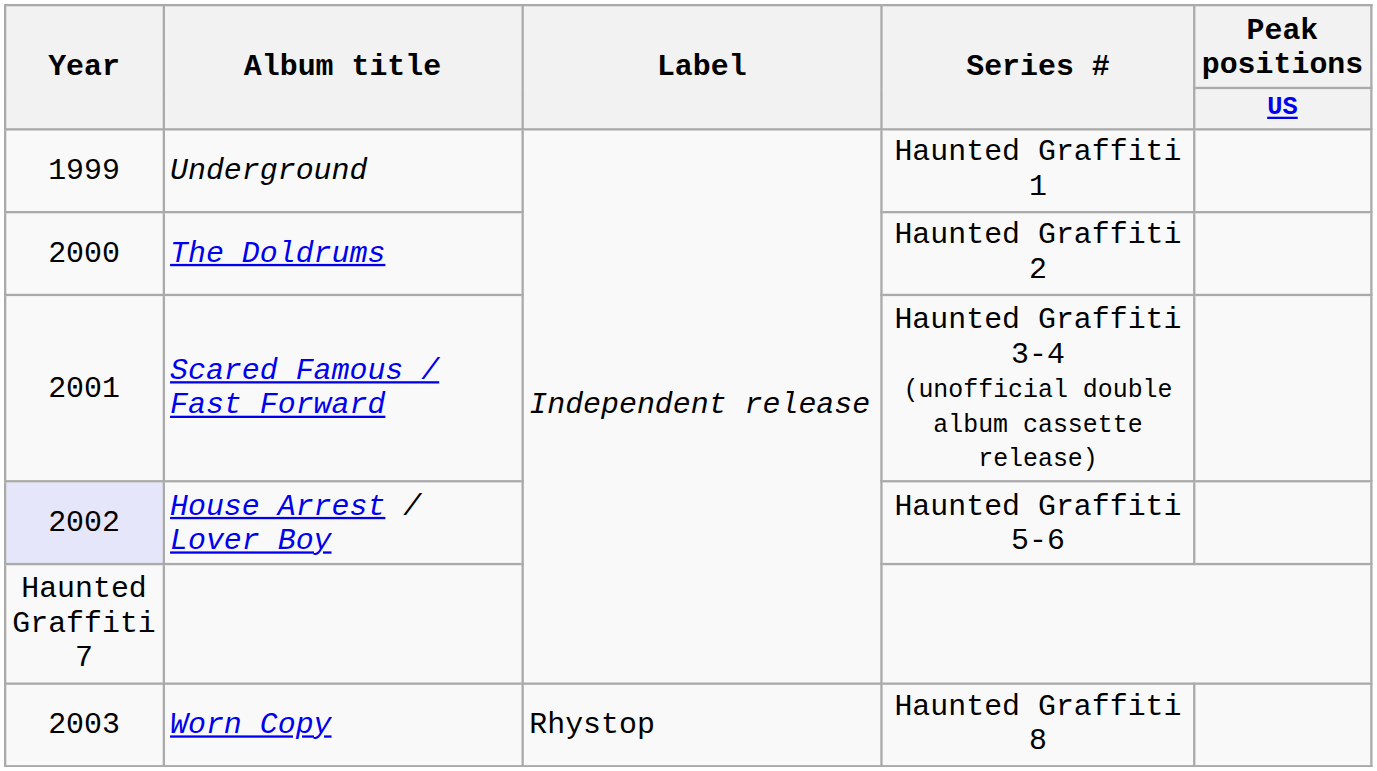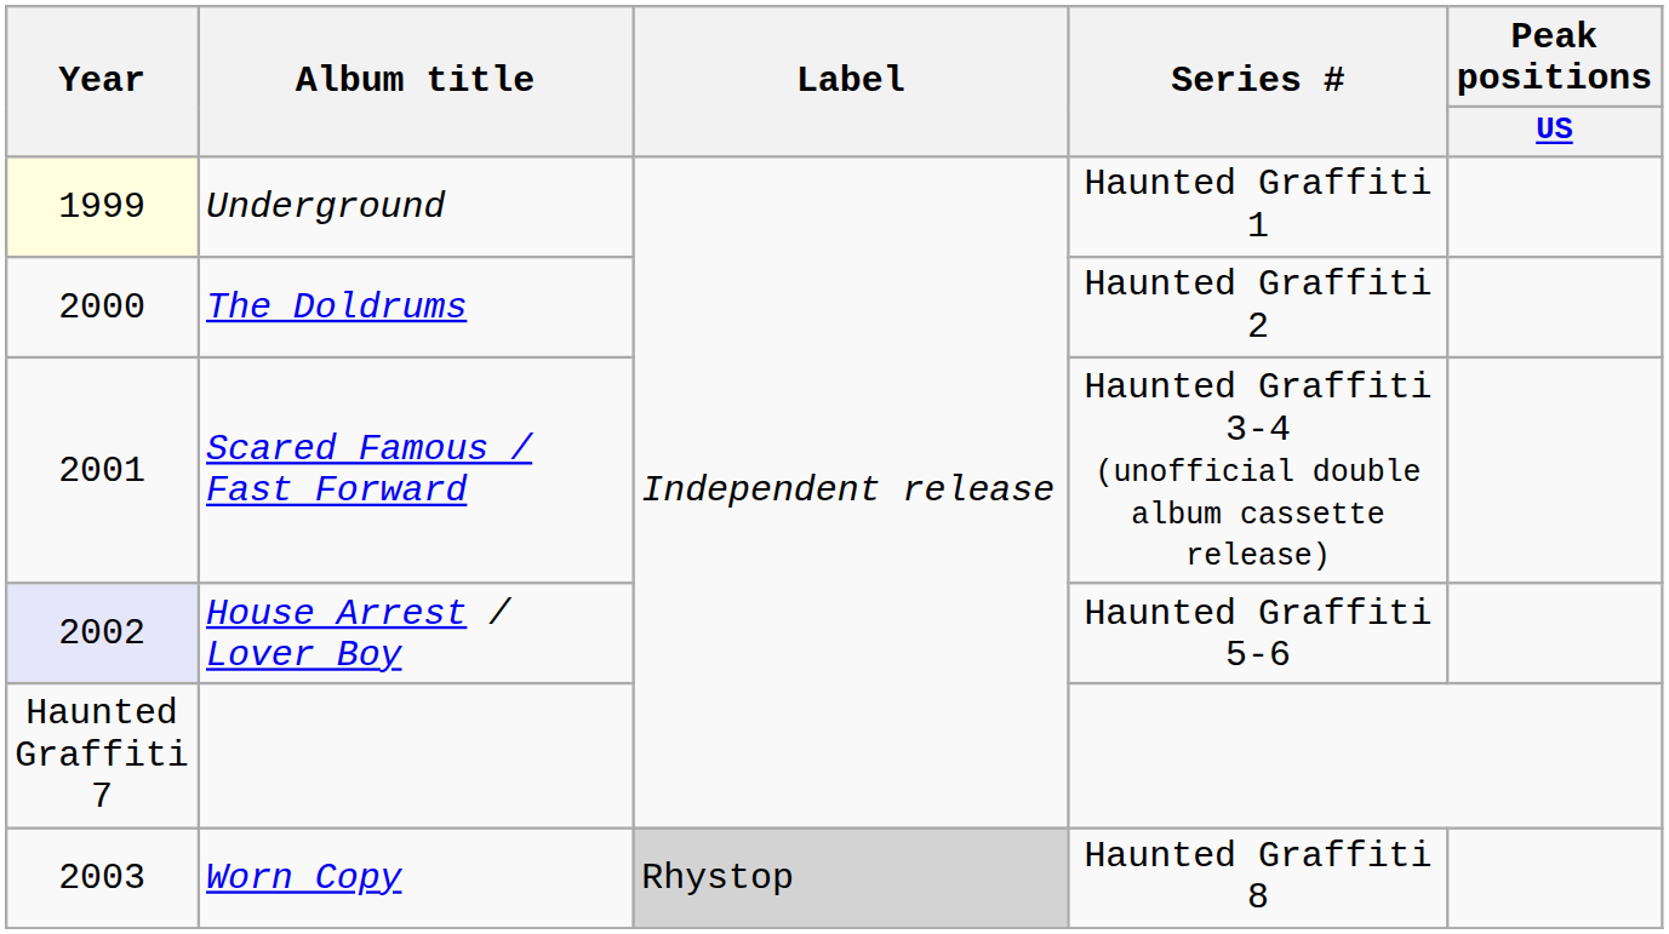 <table class="wikitable">
 <tr>
 <th align="center" rowspan="2" width="10">Year</th>
 <th align="center" rowspan="2" width="150">Album title</th>
 <th align="center" rowspan="2" width="150">Label</th>
 <th align="center" rowspan="2" width="130">Series #</th>
 <th align="center" colspan="1" width="20">Peak positions</th>
 </tr>
 <tr>
 <th scope="col" style="width:3em;font-size:85%;"><a href='#'>US</a><br></th>
 </tr>
 <tr>
-<td style="text-align:center;">1999</td>
+<td style="background: lightyellow; text-align:center;">1999</td>
 <td><em>Underground</em></td>
 <td rowspan=5><em>Independent release</em></td>
 <td style="text-align:center;">Haunted Graffiti 1</td>
 <td style="text-align:center;"></td>
 </tr>
 <tr>
 <td style="text-align:center;">2000</td>
 <td><em><a href='#'>The Doldrums</a></em></td>
 <td style="text-align:center;">Haunted Graffiti 2</td>
 <td style="text-align:center;"></td>
 </tr>
 <tr>
 <td style="text-align:center;">2001</td>
 <td><em><a href='#'>Scared Famous / Fast Forward</a></em></td>
 <td style="text-align:center;">Haunted Graffiti 3-4 <br><small>(unofficial double album cassette release)</small></td>
 <td style="text-align:center;"></td>
 </tr>
 <tr>
 <td style="background: lavender; text-align:center;">2002</td>
 <td><em><a href='#'>House Arrest</a> / <a href='#'>Lover Boy</a></em></td>
 <td style="text-align:center;">Haunted Graffiti 5-6</td>
 <td style="text-align:center;"></td>
 </tr>
 <tr>
 <td style="text-align:center;">Haunted Graffiti 7</td>
 <td style="text-align:center;"></td>
 </tr>
 <tr>
 <td style="text-align:center;">2003</td>
 <td><em><a href='#'>Worn Copy</a></em></td>
-<td>Rhystop</td>
+<td style="background: lightgrey;">Rhystop</td>
 <td style="text-align:center;">Haunted Graffiti 8</td>
 <td style="text-align:center;"></td>
 </tr>
 <tr>
 </tr>
 </table>
